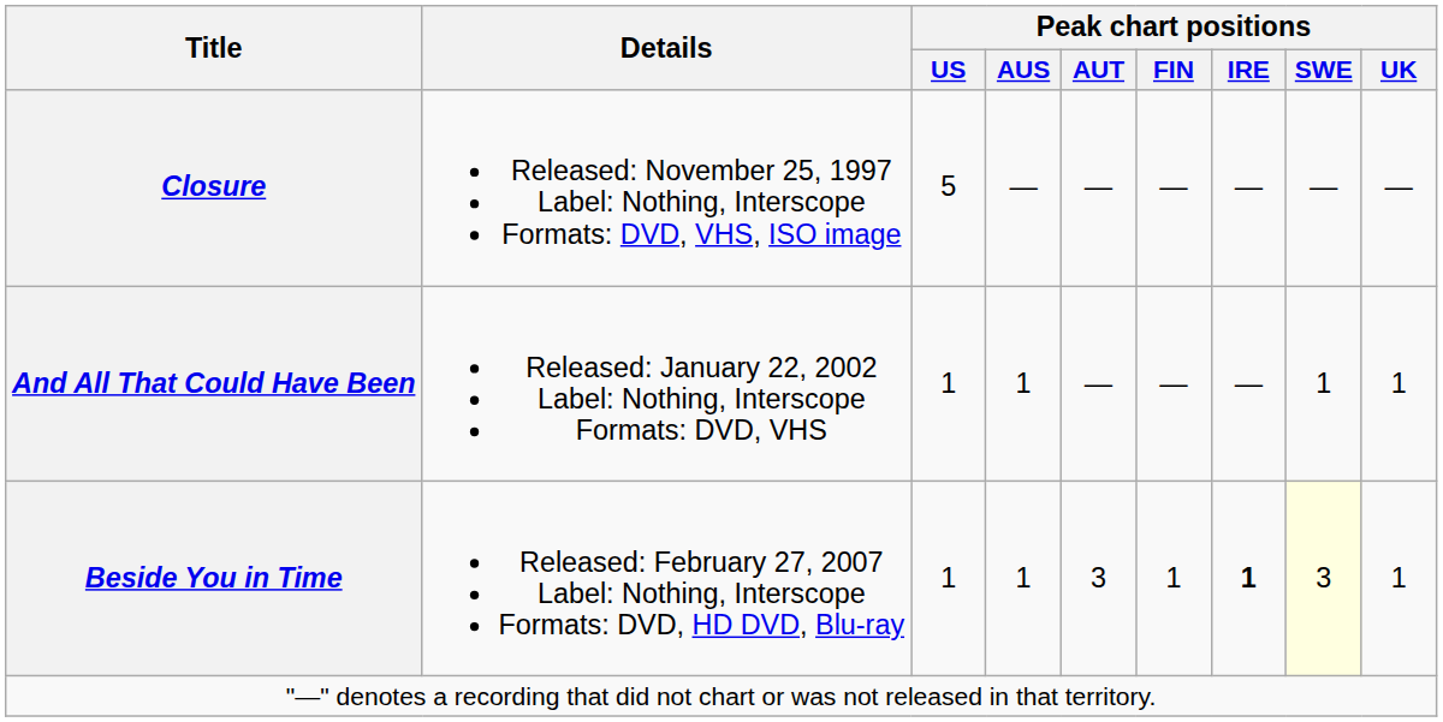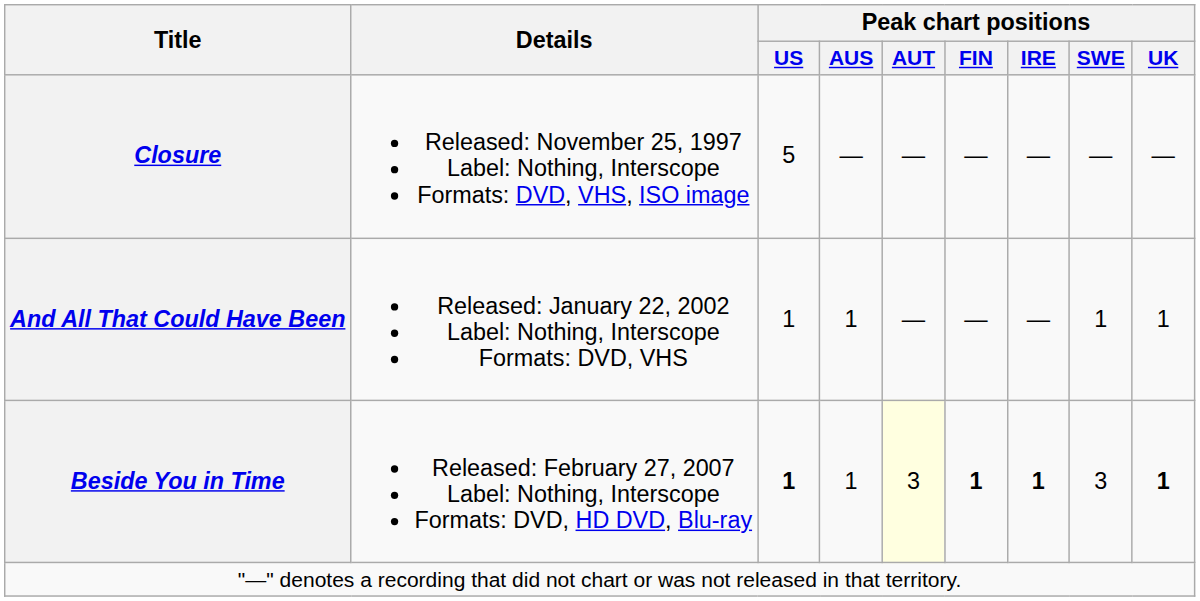 <table class="wikitable plainrowheaders" style="text-align:center;">
 <tr>
 <th scope="col" rowspan="2">Title</th>
 <th scope="col" rowspan="2">Details</th>
 <th scope="col" colspan="7">Peak chart positions</th>
 </tr>
 <tr>
 <th scope="col" style="width:2.5em;font-size:90%;"><a href='#'>US</a><br></th>
 <th scope="col" style="width:2.5em;font-size:90%;"><a href='#'>AUS</a><br></th>
 <th scope="col" style="width:2.5em;font-size:90%;"><a href='#'>AUT</a><br></th>
 <th scope="col" style="width:2.5em;font-size:90%;"><a href='#'>FIN</a><br></th>
 <th scope="col" style="width:2.5em;font-size:90%;"><a href='#'>IRE</a><br></th>
 <th scope="col" style="width:2.5em;font-size:90%;"><a href='#'>SWE</a><br></th>
 <th scope="col" style="width:2.5em;font-size:90%;"><a href='#'>UK</a><br></th>
 </tr>
 <tr>
 <th scope="row"><em><a href='#'>Closure</a></em></th>
 <td><br><ul><li>Released: November 25, 1997</li><li>Label: Nothing, Interscope</li><li>Formats: <a href='#'>DVD</a>, <a href='#'>VHS</a>, <a href='#'>ISO image</a></li></ul></td>
 <td>5</td>
 <td>—</td>
 <td>—</td>
 <td>—</td>
 <td>—</td>
 <td>—</td>
 <td>—</td>
 </tr>
 <tr>
 <th scope="row"><em><a href='#'>And All That Could Have Been</a></em></th>
 <td><br><ul><li>Released: January 22, 2002</li><li>Label: Nothing, Interscope</li><li>Formats: DVD, VHS</li></ul></td>
 <td>1</td>
 <td>1</td>
 <td>—</td>
 <td>—</td>
 <td>—</td>
 <td>1</td>
 <td>1</td>
 </tr>
 <tr>
 <th scope="row"><em><a href='#'>Beside You in Time</a></em></th>
 <td><br><ul><li>Released: February 27, 2007</li><li>Label: Nothing, Interscope</li><li>Formats: DVD, <a href='#'>HD DVD</a>, <a href='#'>Blu-ray</a></li></ul></td>
+<td><strong>1</strong></td>
 <td>1</td>
-<td>1</td>
+<td style="background: lightyellow;">3</td>
+<td><strong>1</strong></td>
+<td><strong>1</strong></td>
 <td>3</td>
-<td>1</td>
 <td><strong>1</strong></td>
-<td style="background: lightyellow;">3</td>
-<td>1</td>
 </tr>
 <tr>
 <td colspan="9" style="font-size:90%">"—" denotes a recording that did not chart or was not released in that territory.</td>
 </tr>
 </table>
